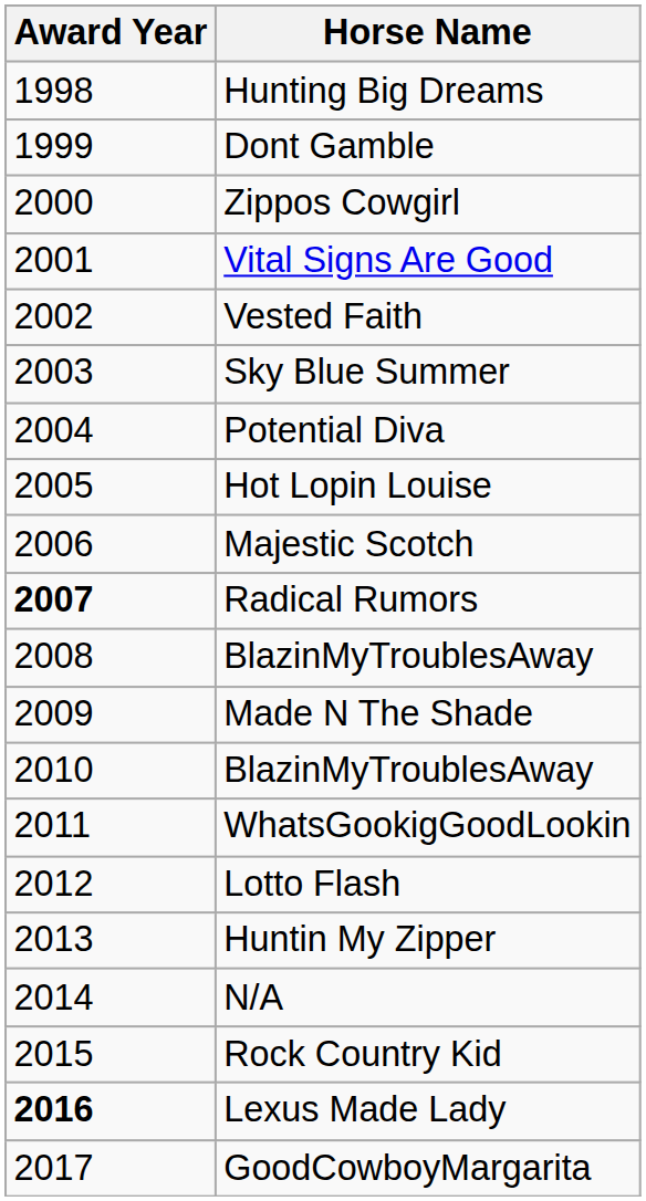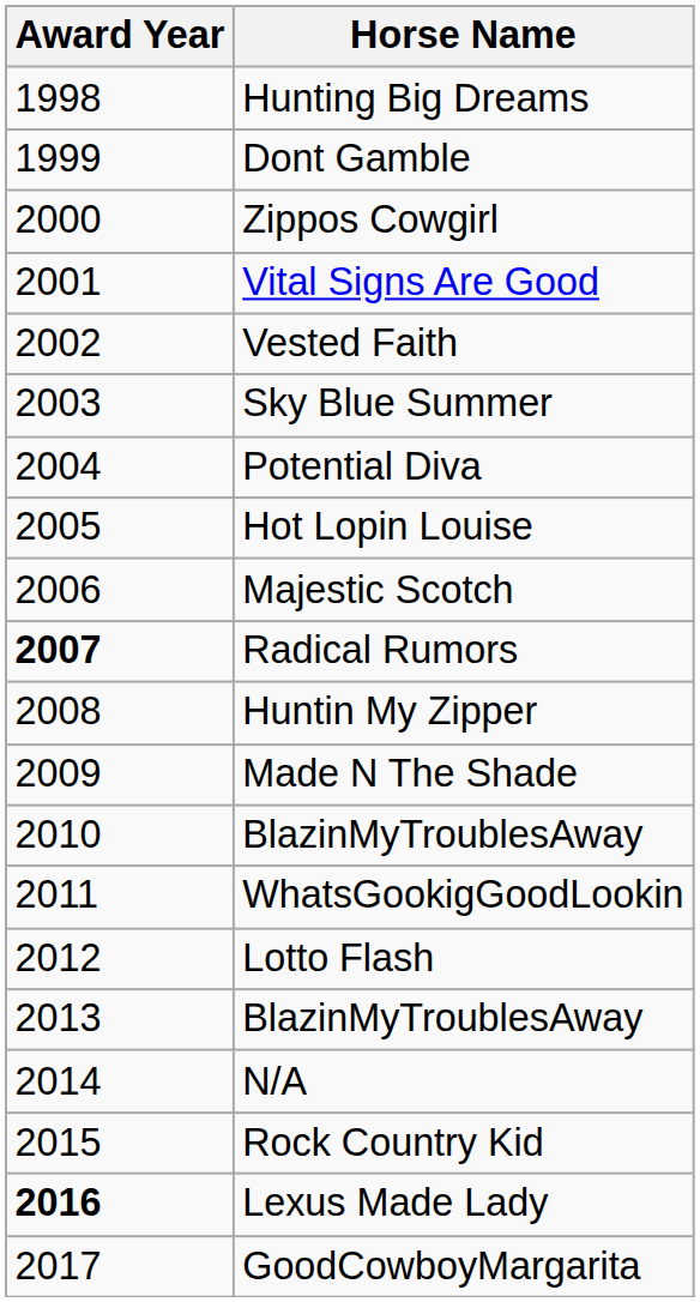 <table class="wikitable">
 <tr>
 <th>Award Year</th>
 <th>Horse Name</th>
 </tr>
 <tr>
 <td>1998</td>
 <td>Hunting Big Dreams</td>
 </tr>
 <tr>
 <td>1999</td>
 <td>Dont Gamble</td>
 </tr>
 <tr>
 <td>2000</td>
 <td>Zippos Cowgirl</td>
 </tr>
 <tr>
 <td>2001</td>
 <td><a href='#'>Vital Signs Are Good</a></td>
 </tr>
 <tr>
 <td>2002</td>
 <td>Vested Faith</td>
 </tr>
 <tr>
 <td>2003</td>
 <td>Sky Blue Summer</td>
 </tr>
 <tr>
 <td>2004</td>
 <td>Potential Diva</td>
 </tr>
 <tr>
 <td>2005</td>
 <td>Hot Lopin Louise</td>
 </tr>
 <tr>
 <td>2006</td>
 <td>Majestic Scotch</td>
 </tr>
 <tr>
 <td><strong>2007</strong></td>
 <td>Radical Rumors</td>
 </tr>
 <tr>
 <td>2008</td>
-<td>BlazinMyTroublesAway</td>
+<td>Huntin My Zipper</td>
 </tr>
 <tr>
 <td>2009</td>
 <td>Made N The Shade</td>
 </tr>
 <tr>
 <td>2010</td>
 <td>BlazinMyTroublesAway</td>
 </tr>
 <tr>
 <td>2011</td>
 <td>WhatsGookigGoodLookin</td>
 </tr>
 <tr>
 <td>2012</td>
 <td>Lotto Flash</td>
 </tr>
 <tr>
 <td>2013</td>
-<td>Huntin My Zipper</td>
+<td>BlazinMyTroublesAway</td>
 </tr>
 <tr>
 <td>2014</td>
 <td>N/A</td>
 </tr>
 <tr>
 <td>2015</td>
 <td>Rock Country Kid</td>
 </tr>
 <tr>
 <td><strong>2016</strong></td>
 <td>Lexus Made Lady</td>
 </tr>
 <tr>
 <td>2017</td>
 <td>GoodCowboyMargarita</td>
 </tr>
 </table>
